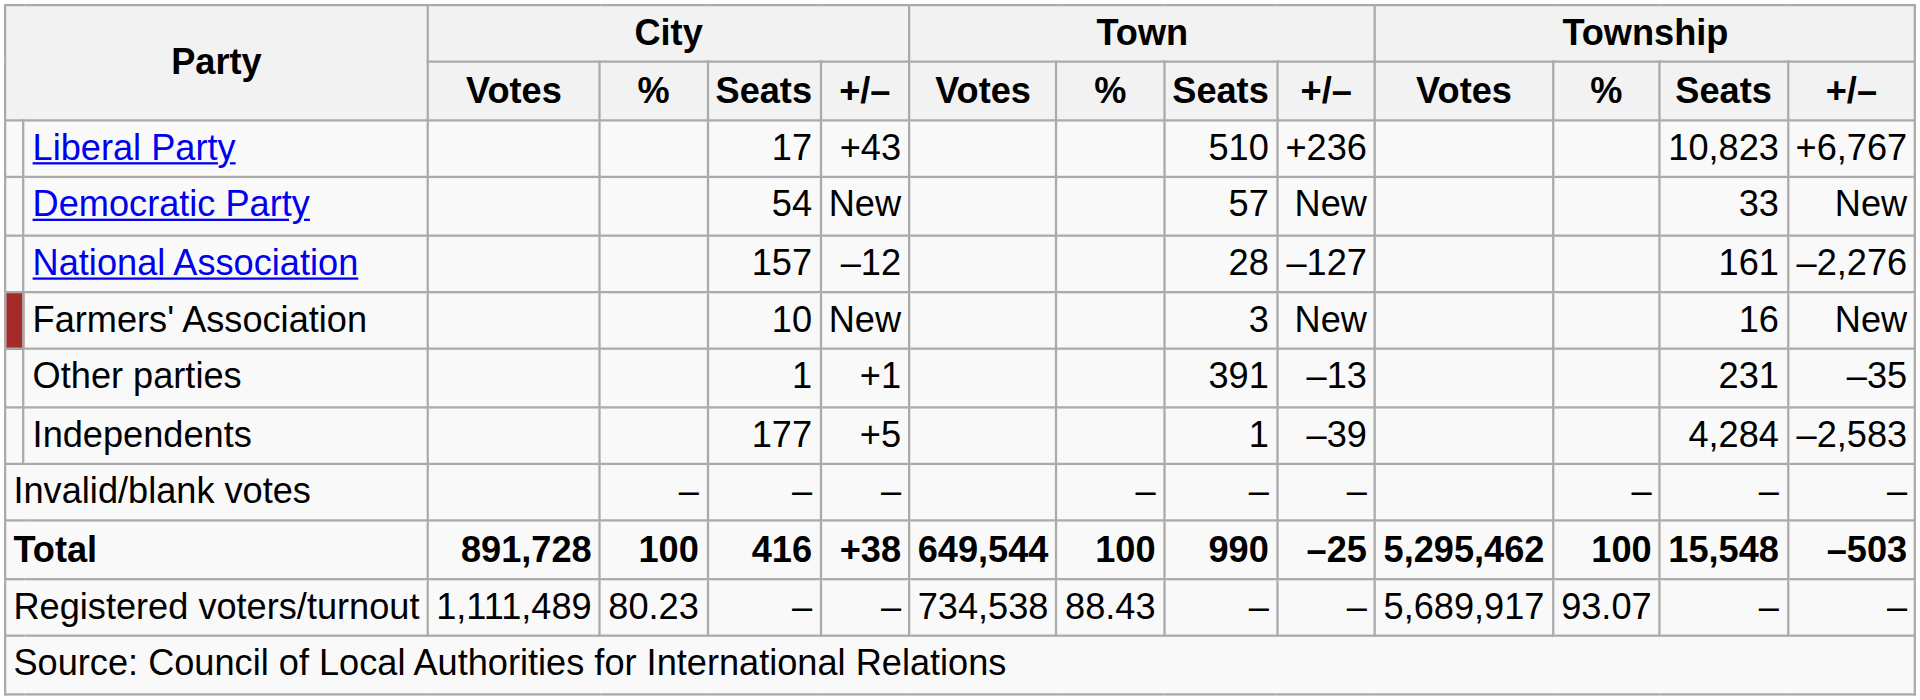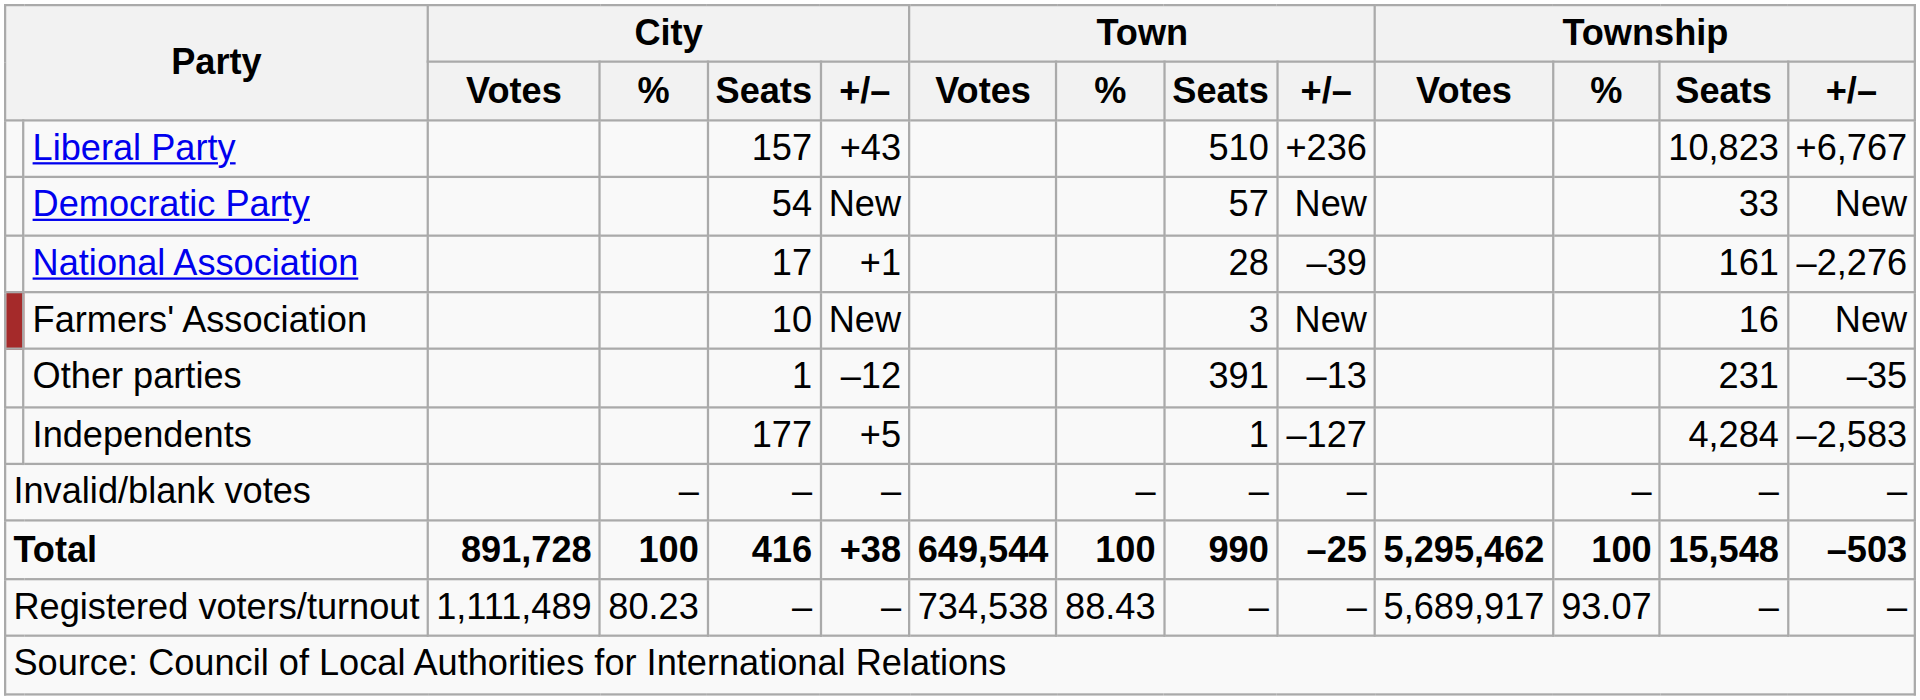 <table class="wikitable" style="text-align:right">
 <tr>
 <th colspan="2" rowspan="2">Party</th>
 <th colspan="4">City</th>
 <th colspan="4">Town</th>
 <th colspan="4">Township</th>
 </tr>
 <tr>
 <th>Votes</th>
 <th>%</th>
 <th>Seats</th>
 <th>+/–</th>
 <th>Votes</th>
 <th>%</th>
 <th>Seats</th>
 <th>+/–</th>
 <th>Votes</th>
 <th>%</th>
 <th>Seats</th>
 <th>+/–</th>
 </tr>
 <tr>
 <td></td>
 <td align="left"><a href='#'>Liberal Party</a></td>
 <td></td>
 <td></td>
-<td>17</td>
+<td>157</td>
 <td>+43</td>
 <td></td>
 <td></td>
 <td>510</td>
 <td>+236</td>
 <td></td>
 <td></td>
 <td>10,823</td>
 <td>+6,767</td>
 </tr>
 <tr>
 <td></td>
 <td align="left"><a href='#'>Democratic Party</a></td>
 <td></td>
 <td></td>
 <td>54</td>
 <td>New</td>
 <td></td>
 <td></td>
 <td>57</td>
 <td>New</td>
 <td></td>
 <td></td>
 <td>33</td>
 <td>New</td>
 </tr>
 <tr>
 <td></td>
 <td align="left"><a href='#'>National Association</a></td>
 <td></td>
 <td></td>
-<td>157</td>
-<td>–12</td>
+<td>17</td>
+<td>+1</td>
 <td></td>
 <td></td>
 <td>28</td>
-<td>–127</td>
+<td>–39</td>
 <td></td>
 <td></td>
 <td>161</td>
 <td>–2,276</td>
 </tr>
 <tr>
 <td bgcolor="brown"></td>
 <td align="left">Farmers' Association</td>
 <td></td>
 <td></td>
 <td>10</td>
 <td>New</td>
 <td></td>
 <td></td>
 <td>3</td>
 <td>New</td>
 <td></td>
 <td></td>
 <td>16</td>
 <td>New</td>
 </tr>
 <tr>
 <td></td>
 <td align="left">Other parties</td>
 <td></td>
 <td></td>
 <td>1</td>
-<td>+1</td>
+<td>–12</td>
 <td></td>
 <td></td>
 <td>391</td>
 <td>–13</td>
 <td></td>
 <td></td>
 <td>231</td>
 <td>–35</td>
 </tr>
 <tr>
 <td></td>
 <td align="left">Independents</td>
 <td></td>
 <td></td>
 <td>177</td>
 <td>+5</td>
 <td></td>
 <td></td>
 <td>1</td>
-<td>–39</td>
+<td>–127</td>
 <td></td>
 <td></td>
 <td>4,284</td>
 <td>–2,583</td>
 </tr>
 <tr>
 <td colspan="2" align="left">Invalid/blank votes</td>
 <td></td>
 <td>–</td>
 <td>–</td>
 <td>–</td>
 <td></td>
 <td>–</td>
 <td>–</td>
 <td>–</td>
 <td></td>
 <td>–</td>
 <td>–</td>
 <td>–</td>
 </tr>
 <tr>
 <td colspan="2" align="left"><strong>Total</strong></td>
 <td><strong>891,728</strong></td>
 <td><strong>100</strong></td>
 <td><strong>416</strong></td>
 <td><strong>+38</strong></td>
 <td><strong>649,544</strong></td>
 <td><strong>100</strong></td>
 <td><strong>990</strong></td>
 <td><strong>–25</strong></td>
 <td><strong>5,295,462</strong></td>
 <td><strong>100</strong></td>
 <td><strong>15,548</strong></td>
 <td><strong>–503</strong></td>
 </tr>
 <tr>
 <td colspan="2" align="left">Registered voters/turnout</td>
 <td>1,111,489</td>
 <td>80.23</td>
 <td>–</td>
 <td>–</td>
 <td>734,538</td>
 <td>88.43</td>
 <td>–</td>
 <td>–</td>
 <td>5,689,917</td>
 <td>93.07</td>
 <td>–</td>
 <td>–</td>
 </tr>
 <tr>
 <td colspan="14" align="left">Source: Council of Local Authorities for International Relations</td>
 </tr>
 </table>
